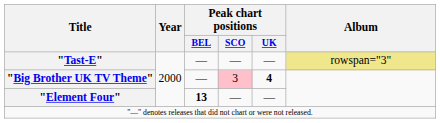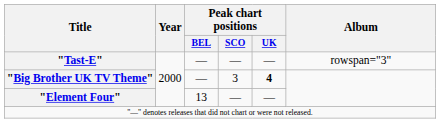 <table class="wikitable plainrowheaders" style="text-align:center;">
 <tr>
 <th rowspan="2">Title</th>
 <th rowspan="2" width=>Year</th>
 <th colspan="3">Peak chart positions</th>
 <th rowspan="2" style="width:200px;">Album</th>
 </tr>
 <tr>
 <th scope="col" style="width:3em;font-size:85%;"><a href='#'>BEL</a><br></th>
 <th scope="col" style="width:3em;font-size:85%;"><a href='#'>SCO</a><br></th>
 <th scope="col" style="width:3em;font-size:85%;"><a href='#'>UK</a><br></th>
 </tr>
 <tr>
 <th scope="row">"<a href='#'>Tast-E</a>"</th>
 <td rowspan="3">2000</td>
 <td>—</td>
 <td>—</td>
 <td>—</td>
-<td style="background: khaki;">rowspan="3" </td>
+<td>rowspan="3" </td>
 </tr>
 <tr>
 <th scope="row">"<a href='#'>Big Brother UK TV Theme</a>"</th>
 <td>—</td>
-<td style="background: pink;">3</td>
+<td>3</td>
 <td><strong>4</strong></td>
 </tr>
 <tr>
 <th scope="row">"<a href='#'>Element Four</a>"</th>
-<td><strong>13</strong></td>
+<td>13</td>
 <td>—</td>
 <td>—</td>
 </tr>
 <tr>
 <td align="center" colspan="6" style="font-size:8pt">"—" denotes releases that did not chart or were not released.</td>
 </tr>
 </table>
